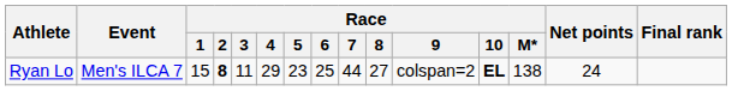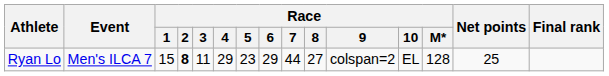 <table class="wikitable" style="font-size:90%">
 <tr>
 <th rowspan="2">Athlete</th>
 <th rowspan="2">Event</th>
 <th colspan=11>Race</th>
 <th rowspan=2>Net points</th>
 <th rowspan=2>Final rank</th>
 </tr>
 <tr style="font-size:95%">
 <th>1</th>
 <th>2</th>
 <th>3</th>
 <th>4</th>
 <th>5</th>
 <th>6</th>
 <th>7</th>
 <th>8</th>
 <th>9</th>
 <th>10</th>
 <th>M*</th>
 </tr>
 <tr align=center>
 <td align=left><a href='#'>Ryan Lo</a></td>
 <td align=left><a href='#'>Men's ILCA 7</a></td>
 <td>15</td>
 <td><strong>8</strong></td>
 <td>11</td>
 <td>29</td>
 <td>23</td>
-<td>25</td>
+<td>29</td>
 <td>44 </td>
 <td>27</td>
 <td>colspan=2 </td>
-<td><strong>EL</strong></td>
-<td>138</td>
-<td>24</td>
+<td>EL</td>
+<td>128</td>
+<td>25</td>
 </tr>
 </table>
